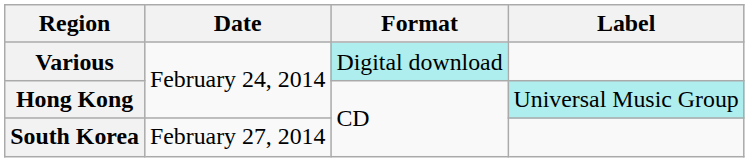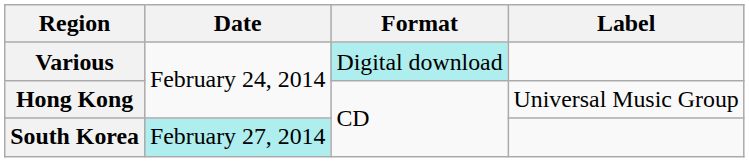 <table class="wikitable plainrowheaders">
 <tr>
 <th>Region</th>
 <th>Date</th>
 <th>Format</th>
 <th>Label</th>
 </tr>
 <tr>
 <th scope="row">Various</th>
 <td rowspan="2">February 24, 2014</td>
 <td style="background: paleturquoise;">Digital download</td>
 <td></td>
 </tr>
 <tr>
 <th scope="row">Hong Kong</th>
 <td rowspan="2">CD</td>
-<td style="background: paleturquoise;">Universal Music Group</td>
+<td>Universal Music Group</td>
 </tr>
 <tr>
 <th scope="row">South Korea</th>
-<td>February 27, 2014</td>
+<td style="background: paleturquoise;">February 27, 2014</td>
 <td></td>
 </tr>
 </table>
